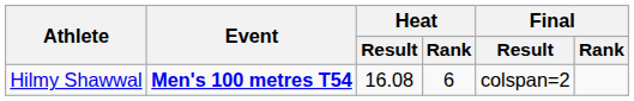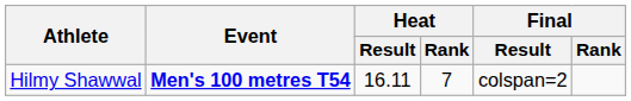 <table class="wikitable" style="text-align: center; font-size:90%">
 <tr>
 <th rowspan="2">Athlete</th>
 <th rowspan="2">Event</th>
 <th colspan="2">Heat</th>
 <th colspan="2">Final</th>
 </tr>
 <tr style="font-size:95%">
 <th>Result</th>
 <th>Rank</th>
 <th>Result</th>
 <th>Rank</th>
 </tr>
 <tr>
 <td align=left><a href='#'>Hilmy Shawwal</a></td>
 <td align=left><strong><a href='#'>Men's 100 metres T54</a></strong></td>
-<td>16.08</td>
-<td>6</td>
+<td>16.11</td>
+<td>7</td>
 <td>colspan=2 </td>
 </tr>
 </table>
